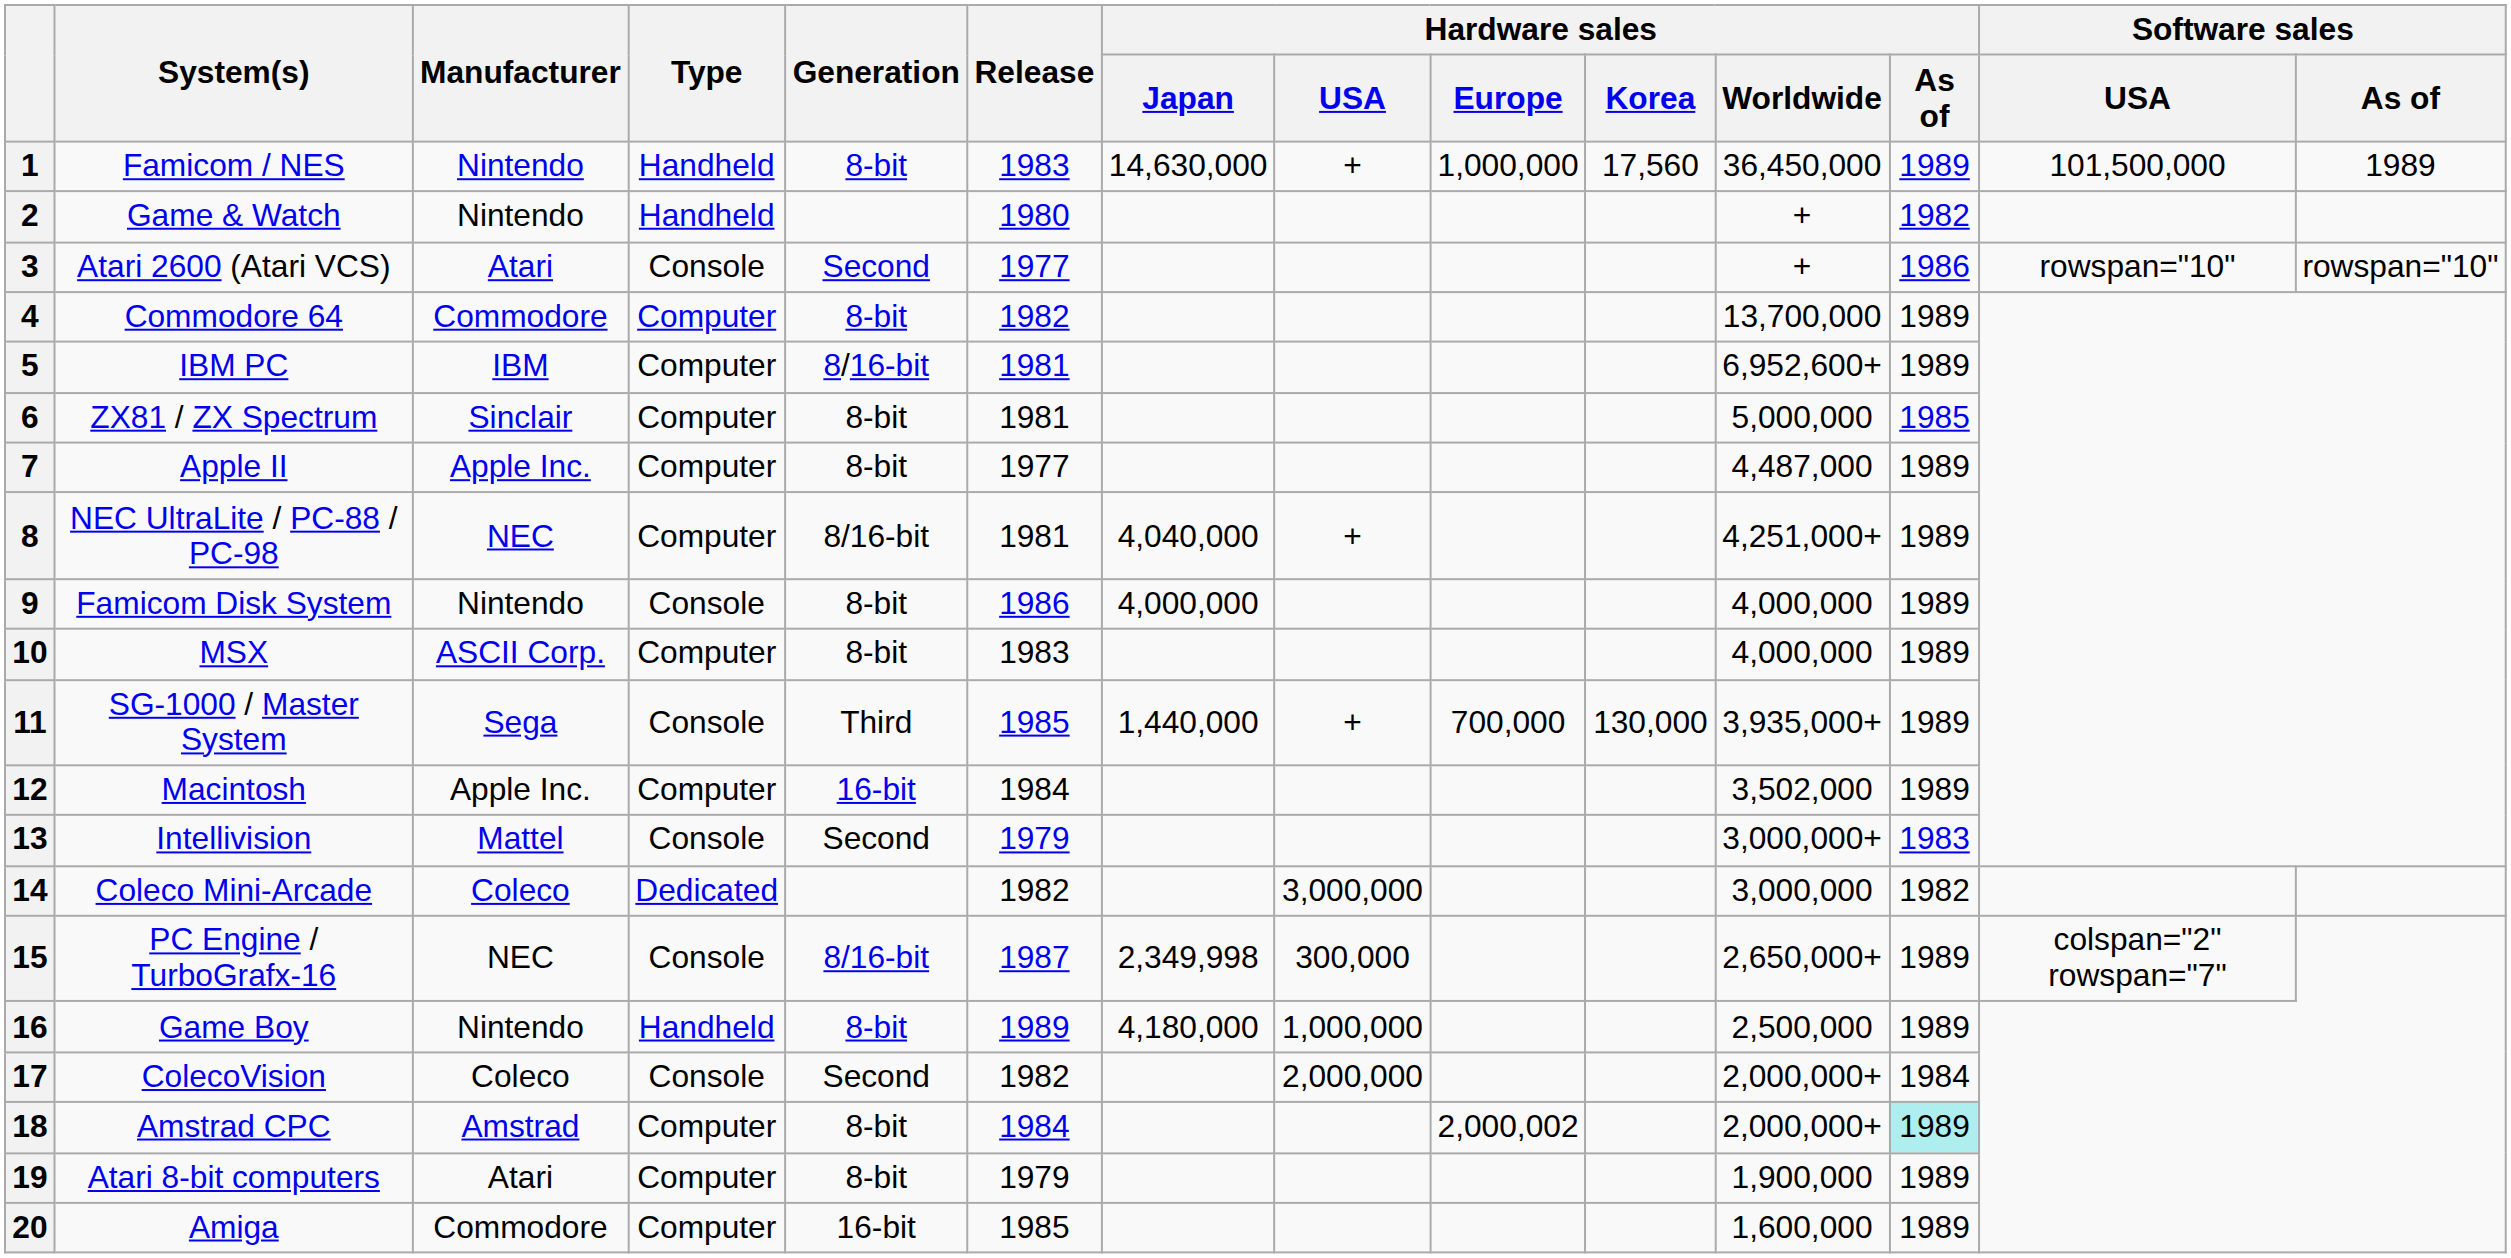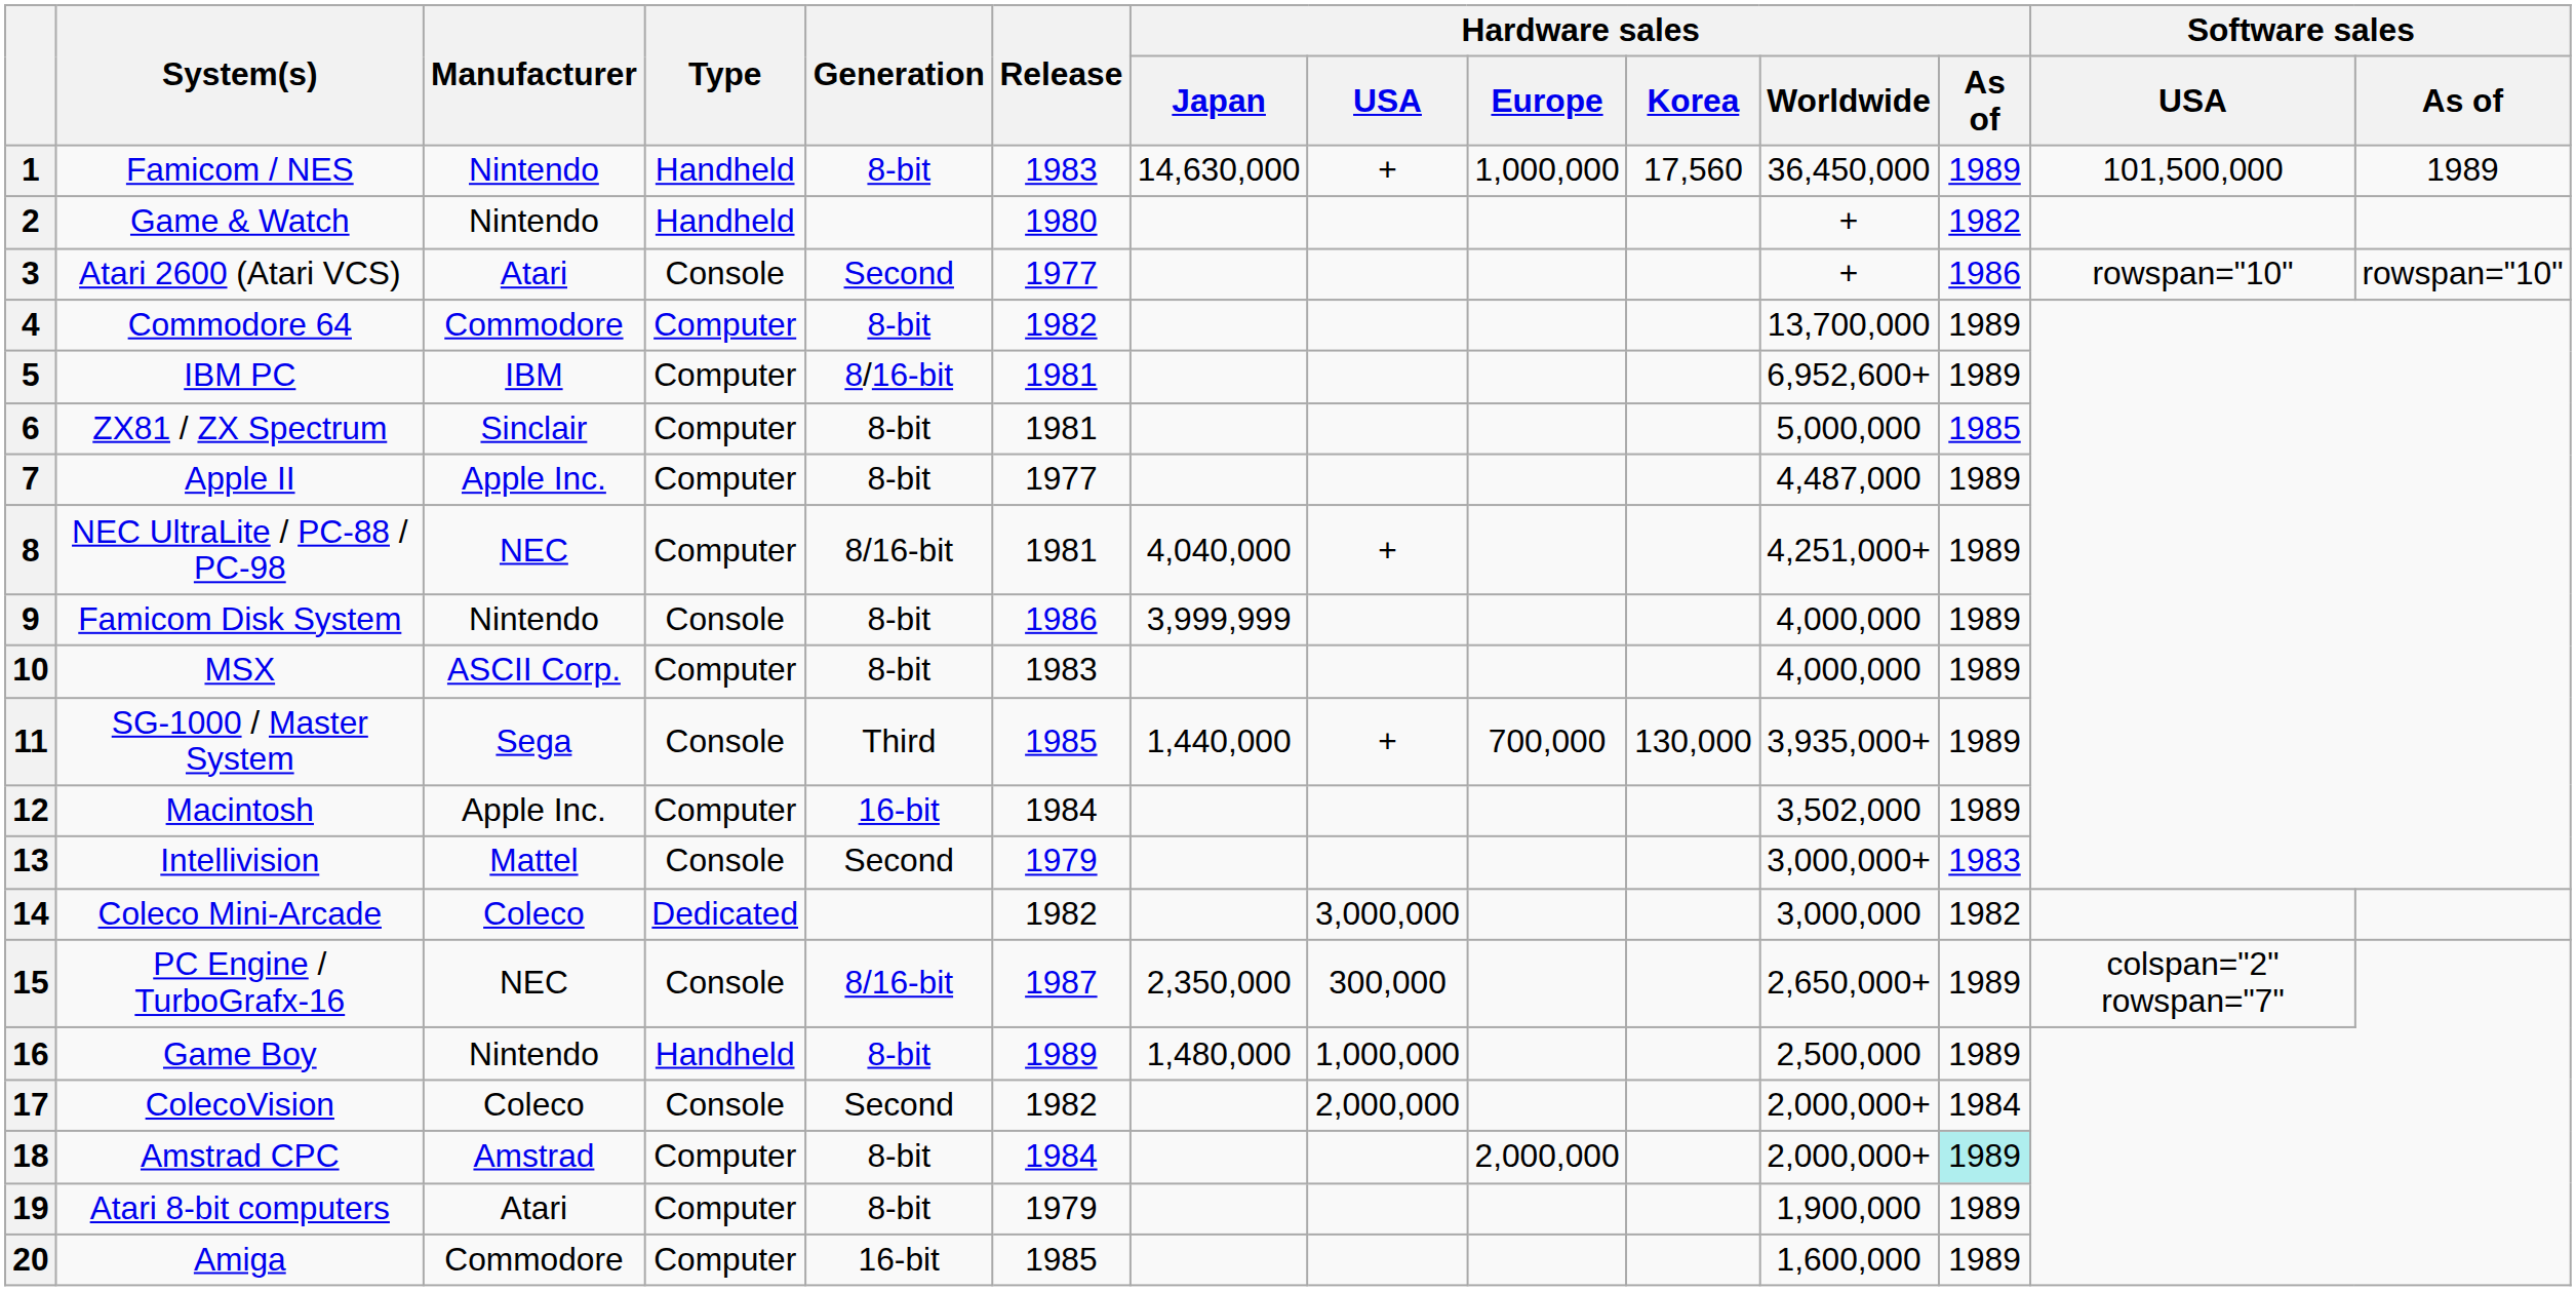 <table class="wikitable plainrowheaders sortable" style="margin:auto; margin:auto; text-align:center">
 <tr>
 <th rowspan="2"></th>
 <th rowspan="2">System(s)</th>
 <th rowspan="2">Manufacturer</th>
 <th rowspan="2">Type</th>
 <th rowspan="2">Generation</th>
 <th rowspan="2">Release</th>
 <th colspan="6">Hardware sales</th>
 <th colspan="2">Software sales</th>
 </tr>
 <tr>
 <th><a href='#'>Japan</a></th>
 <th><a href='#'>USA</a></th>
 <th><a href='#'>Europe</a></th>
 <th><a href='#'>Korea</a></th>
 <th>Worldwide</th>
 <th>As of</th>
 <th>USA</th>
 <th>As of</th>
 </tr>
 <tr>
 <th>1</th>
 <td><a href='#'>Famicom / NES</a></td>
 <td><a href='#'>Nintendo</a></td>
 <td><a href='#'>Handheld</a></td>
 <td><a href='#'>8-bit</a></td>
 <td><a href='#'>1983</a></td>
 <td>14,630,000</td>
 <td>+</td>
 <td>1,000,000</td>
 <td>17,560</td>
 <td>36,450,000</td>
 <td><a href='#'>1989</a></td>
 <td>101,500,000</td>
 <td>1989</td>
 </tr>
 <tr>
 <th>2</th>
 <td><a href='#'>Game & Watch</a></td>
 <td>Nintendo</td>
 <td><a href='#'>Handheld</a></td>
 <td></td>
 <td><a href='#'>1980</a></td>
 <td></td>
 <td></td>
 <td></td>
 <td></td>
 <td>+</td>
 <td><a href='#'>1982</a></td>
 <td></td>
 <td></td>
 </tr>
 <tr>
 <th>3</th>
 <td><a href='#'>Atari 2600</a> (Atari VCS)</td>
 <td><a href='#'>Atari</a></td>
 <td>Console</td>
 <td><a href='#'>Second</a></td>
 <td><a href='#'>1977</a></td>
 <td></td>
 <td></td>
 <td></td>
 <td></td>
 <td>+</td>
 <td><a href='#'>1986</a></td>
 <td>rowspan="10" </td>
 <td>rowspan="10" </td>
 </tr>
 <tr>
 <th>4</th>
 <td><a href='#'>Commodore 64</a></td>
 <td><a href='#'>Commodore</a></td>
 <td><a href='#'>Computer</a></td>
 <td><a href='#'>8-bit</a></td>
 <td><a href='#'>1982</a></td>
 <td></td>
 <td></td>
 <td></td>
 <td></td>
 <td>13,700,000</td>
 <td>1989</td>
 </tr>
 <tr>
 <th>5</th>
 <td><a href='#'>IBM PC</a></td>
 <td><a href='#'>IBM</a></td>
 <td>Computer</td>
 <td><a href='#'>8</a>/<a href='#'>16-bit</a></td>
 <td><a href='#'>1981</a></td>
 <td></td>
 <td></td>
 <td></td>
 <td></td>
 <td>6,952,600+</td>
 <td>1989</td>
 </tr>
 <tr>
 <th>6</th>
 <td><a href='#'>ZX81</a> / <a href='#'>ZX Spectrum</a></td>
 <td><a href='#'>Sinclair</a></td>
 <td>Computer</td>
 <td>8-bit</td>
 <td>1981</td>
 <td></td>
 <td></td>
 <td></td>
 <td></td>
 <td>5,000,000</td>
 <td><a href='#'>1985</a></td>
 </tr>
 <tr>
 <th>7</th>
 <td><a href='#'>Apple II</a></td>
 <td><a href='#'>Apple Inc.</a></td>
 <td>Computer</td>
 <td>8-bit</td>
 <td>1977</td>
 <td></td>
 <td></td>
 <td></td>
 <td></td>
 <td>4,487,000</td>
 <td>1989</td>
 </tr>
 <tr>
 <th>8</th>
 <td><a href='#'>NEC UltraLite</a> / <a href='#'>PC-88</a> / <a href='#'>PC-98</a></td>
 <td><a href='#'>NEC</a></td>
 <td>Computer</td>
 <td>8/16-bit</td>
 <td>1981</td>
 <td>4,040,000</td>
 <td>+</td>
 <td></td>
 <td></td>
 <td>4,251,000+</td>
 <td>1989</td>
 </tr>
 <tr>
 <th>9</th>
 <td><a href='#'>Famicom Disk System</a></td>
 <td>Nintendo</td>
 <td>Console</td>
 <td>8-bit</td>
 <td><a href='#'>1986</a></td>
-<td>4,000,000</td>
+<td>3,999,999</td>
 <td></td>
 <td></td>
 <td></td>
 <td>4,000,000</td>
 <td>1989</td>
 </tr>
 <tr>
 <th>10</th>
 <td><a href='#'>MSX</a></td>
 <td><a href='#'>ASCII Corp.</a></td>
 <td>Computer</td>
 <td>8-bit</td>
 <td>1983</td>
 <td></td>
 <td></td>
 <td></td>
 <td></td>
 <td>4,000,000</td>
 <td>1989</td>
 </tr>
 <tr>
 <th>11</th>
 <td><a href='#'>SG-1000</a> / <a href='#'>Master System</a></td>
 <td><a href='#'>Sega</a></td>
 <td>Console</td>
 <td>Third</td>
 <td><a href='#'>1985</a></td>
 <td>1,440,000</td>
 <td>+</td>
 <td>700,000</td>
 <td>130,000</td>
 <td>3,935,000+</td>
 <td>1989</td>
 </tr>
 <tr>
 <th>12</th>
 <td><a href='#'>Macintosh</a></td>
 <td>Apple Inc.</td>
 <td>Computer</td>
 <td><a href='#'>16-bit</a></td>
 <td>1984</td>
 <td></td>
 <td></td>
 <td></td>
 <td></td>
 <td>3,502,000</td>
 <td>1989</td>
 </tr>
 <tr>
 <th>13</th>
 <td><a href='#'>Intellivision</a></td>
 <td><a href='#'>Mattel</a></td>
 <td>Console</td>
 <td>Second</td>
 <td><a href='#'>1979</a></td>
 <td></td>
 <td></td>
 <td></td>
 <td></td>
 <td>3,000,000+</td>
 <td><a href='#'>1983</a></td>
 </tr>
 <tr>
 <th>14</th>
 <td><a href='#'>Coleco Mini-Arcade</a></td>
 <td><a href='#'>Coleco</a></td>
 <td><a href='#'>Dedicated</a></td>
 <td></td>
 <td>1982</td>
 <td></td>
 <td>3,000,000</td>
 <td></td>
 <td></td>
 <td>3,000,000</td>
 <td>1982</td>
 <td></td>
 <td></td>
 </tr>
 <tr>
 <th>15</th>
 <td><a href='#'>PC Engine</a> / <a href='#'>TurboGrafx-16</a></td>
 <td>NEC</td>
 <td>Console</td>
 <td><a href='#'>8/16-bit</a></td>
 <td><a href='#'>1987</a></td>
-<td>2,349,998</td>
+<td>2,350,000</td>
 <td>300,000</td>
 <td></td>
 <td></td>
 <td>2,650,000+</td>
 <td>1989</td>
 <td>colspan="2" rowspan="7" </td>
 </tr>
 <tr>
 <th>16</th>
 <td><a href='#'>Game Boy</a></td>
 <td>Nintendo</td>
 <td><a href='#'>Handheld</a></td>
 <td><a href='#'>8-bit</a></td>
 <td><a href='#'>1989</a></td>
-<td>4,180,000</td>
+<td>1,480,000</td>
 <td>1,000,000</td>
 <td></td>
 <td></td>
 <td>2,500,000</td>
 <td>1989</td>
 </tr>
 <tr>
 <th>17</th>
 <td><a href='#'>ColecoVision</a></td>
 <td>Coleco</td>
 <td>Console</td>
 <td>Second</td>
 <td>1982</td>
 <td></td>
 <td>2,000,000</td>
 <td></td>
 <td></td>
 <td>2,000,000+</td>
 <td>1984</td>
 </tr>
 <tr>
 <th>18</th>
 <td><a href='#'>Amstrad CPC</a></td>
 <td><a href='#'>Amstrad</a></td>
 <td>Computer</td>
 <td>8-bit</td>
 <td><a href='#'>1984</a></td>
 <td></td>
 <td></td>
-<td>2,000,002</td>
+<td>2,000,000</td>
 <td></td>
 <td>2,000,000+</td>
 <td style="background: paleturquoise;">1989</td>
 </tr>
 <tr>
 <th>19</th>
 <td><a href='#'>Atari 8-bit computers</a></td>
 <td>Atari</td>
 <td>Computer</td>
 <td>8-bit</td>
 <td>1979</td>
 <td></td>
 <td></td>
 <td></td>
 <td></td>
 <td>1,900,000</td>
 <td>1989</td>
 </tr>
 <tr>
 <th>20</th>
 <td><a href='#'>Amiga</a></td>
 <td>Commodore</td>
 <td>Computer</td>
 <td>16-bit</td>
 <td>1985</td>
 <td></td>
 <td></td>
 <td></td>
 <td></td>
 <td>1,600,000</td>
 <td>1989</td>
 </tr>
 </table>
